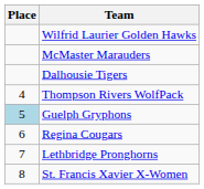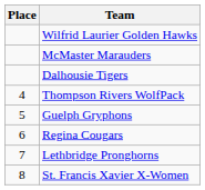 <table class="wikitable">
 <tr>
 <th>Place</th>
 <th>Team</th>
 </tr>
 <tr>
 <td align=center></td>
 <td> <a href='#'>Wilfrid Laurier Golden Hawks</a></td>
 </tr>
 <tr>
 <td align=center></td>
 <td> <a href='#'>McMaster Marauders</a></td>
 </tr>
 <tr>
 <td align=center></td>
 <td> <a href='#'>Dalhousie Tigers</a></td>
 </tr>
 <tr>
 <td align=center>4</td>
 <td> <a href='#'>Thompson Rivers WolfPack</a></td>
 </tr>
 <tr>
-<td align=center style="background: lightblue;">5</td>
+<td align=center>5</td>
 <td> <a href='#'>Guelph Gryphons</a></td>
 </tr>
 <tr>
 <td align=center>6</td>
 <td> <a href='#'>Regina Cougars</a></td>
 </tr>
 <tr>
 <td align=center>7</td>
 <td> <a href='#'>Lethbridge Pronghorns</a></td>
 </tr>
 <tr>
 <td align=center>8</td>
 <td> <a href='#'>St. Francis Xavier X-Women</a></td>
 </tr>
 </table>
